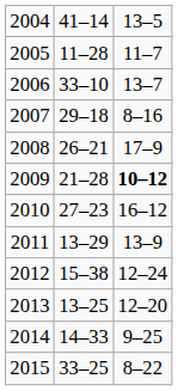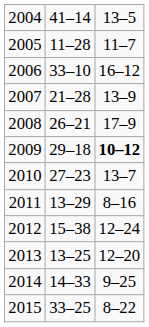 <table class="wikitable" style="text-align:center;">
 <tr>
 <td>2004</td>
 <td>41–14</td>
 <td>13–5</td>
 </tr>
 <tr>
 <td>2005</td>
 <td>11–28</td>
 <td>11–7</td>
 </tr>
 <tr>
 <td>2006</td>
 <td>33–10</td>
-<td>13–7</td>
+<td>16–12</td>
 </tr>
 <tr>
 <td>2007</td>
-<td>29–18</td>
-<td>8–16</td>
+<td>21–28</td>
+<td>13–9</td>
 </tr>
 <tr>
 <td>2008</td>
 <td>26–21</td>
 <td>17–9</td>
 </tr>
 <tr>
 <td>2009</td>
-<td>21–28</td>
+<td>29–18</td>
 <td><strong>10–12</strong></td>
 </tr>
 <tr>
 <td>2010</td>
 <td>27–23</td>
-<td>16–12</td>
+<td>13–7</td>
 </tr>
 <tr>
 <td>2011</td>
 <td>13–29</td>
-<td>13–9</td>
+<td>8–16</td>
 </tr>
 <tr>
 <td>2012</td>
 <td>15–38</td>
 <td>12–24</td>
 </tr>
 <tr>
 <td>2013</td>
 <td>13–25</td>
 <td>12–20</td>
 </tr>
 <tr>
 <td>2014</td>
 <td>14–33</td>
 <td>9–25</td>
 </tr>
 <tr>
 <td>2015</td>
 <td>33–25</td>
 <td>8–22</td>
 </tr>
 </table>
